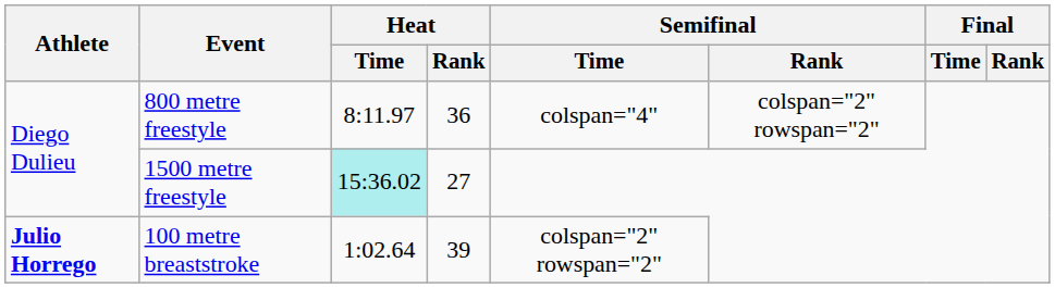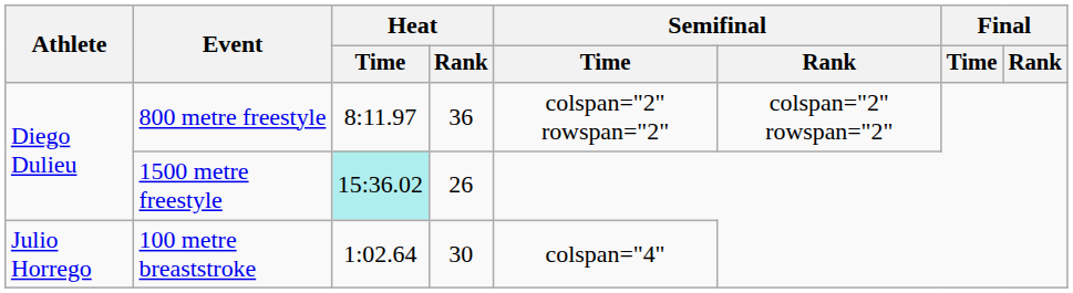 <table class="wikitable" style="text-align:center; font-size:90%; width:50%;">
 <tr>
 <th rowspan="2">Athlete</th>
 <th rowspan="2">Event</th>
 <th colspan="2">Heat</th>
 <th colspan="2">Semifinal</th>
 <th colspan="2">Final</th>
 </tr>
 <tr style="font-size:95%">
 <th>Time</th>
 <th>Rank</th>
 <th>Time</th>
 <th>Rank</th>
 <th>Time</th>
 <th>Rank</th>
 </tr>
 <tr align=center>
 <td align=left rowspan="2"><a href='#'>Diego Dulieu</a></td>
 <td align=left><a href='#'>800 metre freestyle</a></td>
 <td>8:11.97</td>
 <td>36</td>
-<td>colspan="4" </td>
+<td>colspan="2" rowspan="2"</td>
 <td>colspan="2" rowspan="2" </td>
 </tr>
 <tr align=center>
 <td align=left><a href='#'>1500 metre freestyle</a></td>
 <td style="background: paleturquoise;">15:36.02</td>
-<td>27</td>
+<td>26</td>
 </tr>
 <tr align=center>
-<td align=left><strong><a href='#'>Julio Horrego</a></strong></td>
+<td align=left><a href='#'>Julio Horrego</a></td>
 <td align=left><a href='#'>100 metre breaststroke</a></td>
 <td>1:02.64</td>
-<td>39</td>
-<td>colspan="2" rowspan="2"</td>
+<td>30</td>
+<td>colspan="4" </td>
 </tr>
 </table>
